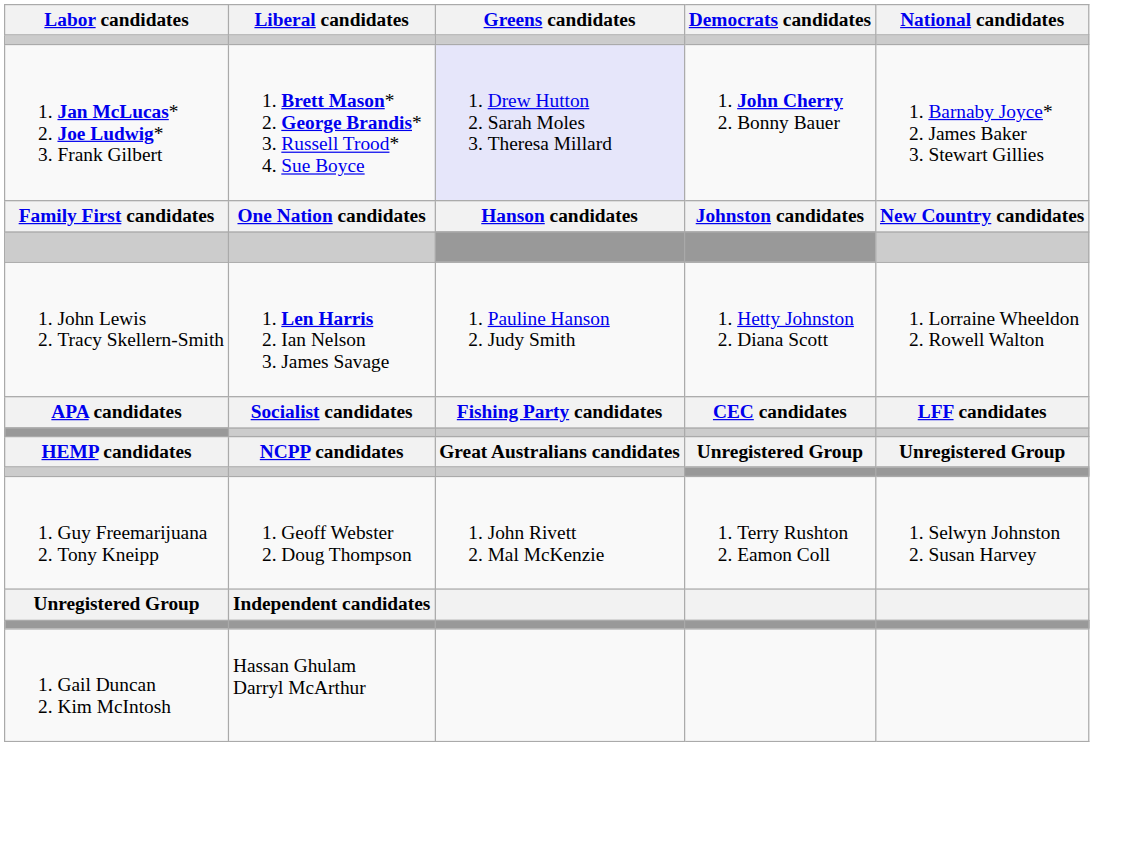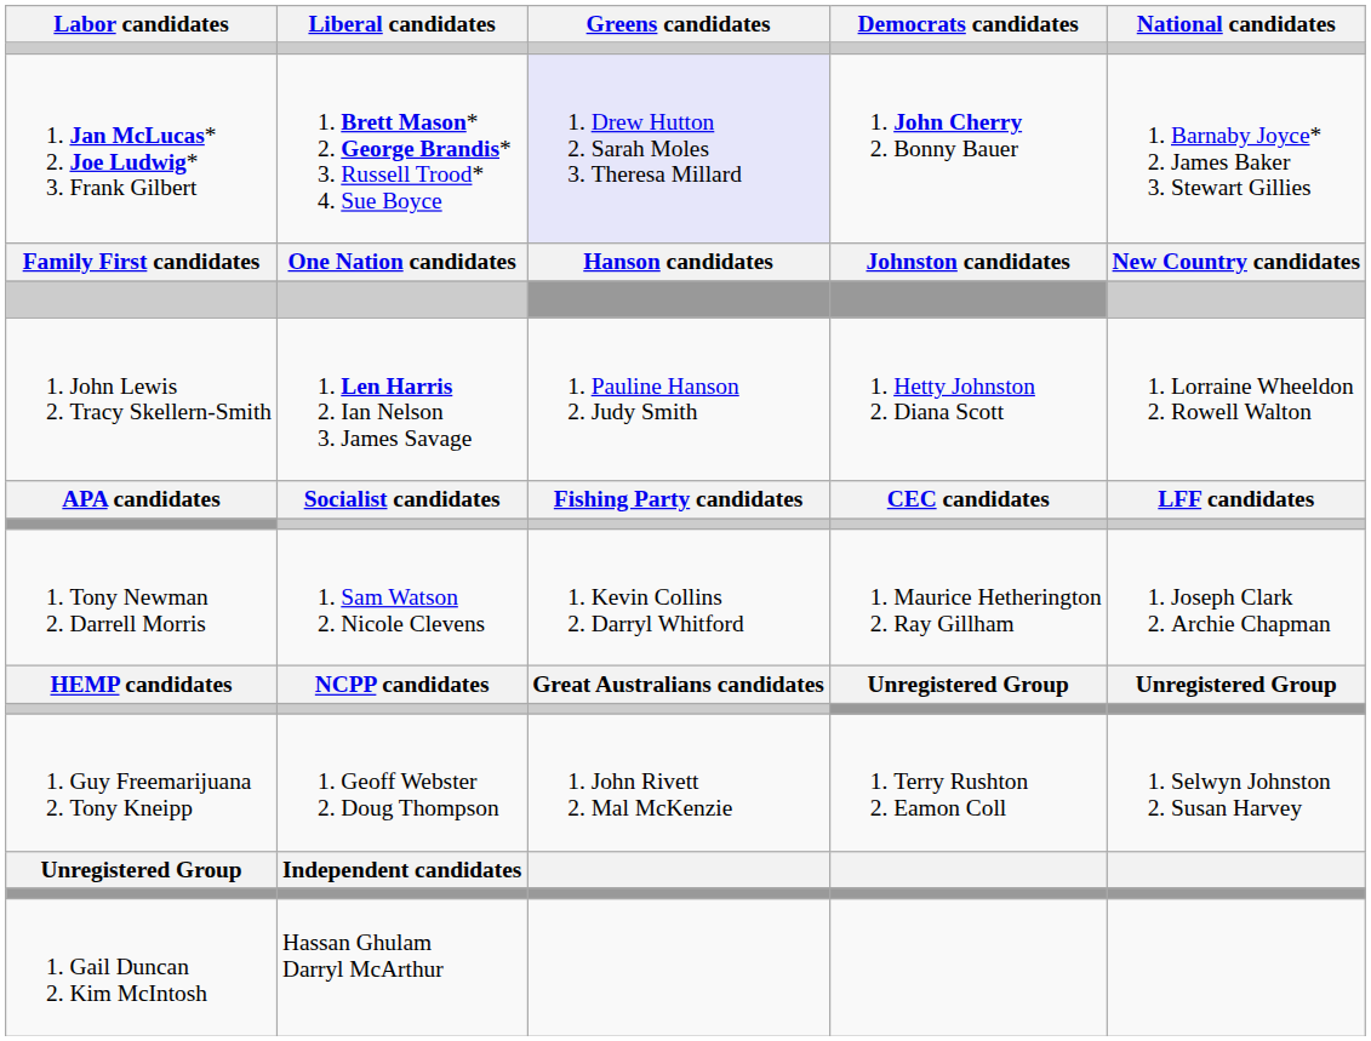 <table class="wikitable">
 <tr>
 <th><a href='#'>Labor</a> candidates</th>
 <th><a href='#'>Liberal</a> candidates</th>
 <th><a href='#'>Greens</a> candidates</th>
 <th><a href='#'>Democrats</a> candidates</th>
 <th><a href='#'>National</a> candidates</th>
 </tr>
 <tr style="background:#ccc;">
 <td></td>
 <td></td>
 <td></td>
 <td></td>
 <td></td>
 </tr>
 <tr>
 <td><br><ol><li><strong><a href='#'>Jan McLucas</a></strong>*</li><li><strong><a href='#'>Joe Ludwig</a></strong>*</li><li>Frank Gilbert</li></ol></td>
 <td><br><ol><li><strong><a href='#'>Brett Mason</a></strong>*</li><li><strong><a href='#'>George Brandis</a></strong>*</li><li><a href='#'>Russell Trood</a>*</li><li><a href='#'>Sue Boyce</a></li></ol></td>
 <td valign=top style="background: lavender;"><br><ol><li><a href='#'>Drew Hutton</a></li><li>Sarah Moles</li><li>Theresa Millard</li></ol></td>
 <td valign=top><br><ol><li><strong><a href='#'>John Cherry</a></strong></li><li>Bonny Bauer</li></ol></td>
 <td><br><ol><li><a href='#'>Barnaby Joyce</a>*</li><li>James Baker</li><li>Stewart Gillies</li></ol></td>
 </tr>
 <tr style="background:#ccc;">
 <th><a href='#'>Family First</a> candidates</th>
 <th><a href='#'>One Nation</a> candidates</th>
 <th><a href='#'>Hanson</a> candidates</th>
 <th><a href='#'>Johnston</a> candidates</th>
 <th><a href='#'>New Country</a> candidates</th>
 </tr>
 <tr style="background:#ccc;">
 <td></td>
 <td></td>
 <td style="background:#999;"></td>
 <td style="background:#999;"></td>
 <td> </td>
 </tr>
 <tr>
 <td valign=top><br><ol><li>John Lewis</li><li>Tracy Skellern-Smith</li></ol></td>
 <td valign=top><br><ol><li><strong><a href='#'>Len Harris</a></strong></li><li>Ian Nelson</li><li>James Savage</li></ol></td>
 <td valign=top><br><ol><li><a href='#'>Pauline Hanson</a></li><li>Judy Smith</li></ol></td>
 <td valign=top><br><ol><li><a href='#'>Hetty Johnston</a></li><li>Diana Scott</li></ol></td>
 <td valign=top><br><ol><li>Lorraine Wheeldon</li><li>Rowell Walton</li></ol></td>
 </tr>
 <tr style="background:#ccc;">
 <th><a href='#'>APA</a> candidates</th>
 <th><a href='#'>Socialist</a> candidates</th>
 <th><a href='#'>Fishing Party</a> candidates</th>
 <th><a href='#'>CEC</a> candidates</th>
 <th><a href='#'>LFF</a> candidates</th>
 </tr>
 <tr style="background:#ccc;">
 <td style="background:#999;"></td>
 <td></td>
 <td></td>
 <td></td>
 <td></td>
 </tr>
+<tr>
+<td valign=top><br><ol><li>Tony Newman</li><li>Darrell Morris</li></ol></td>
+<td valign=top><br><ol><li><a href='#'>Sam Watson</a></li><li>Nicole Clevens</li></ol></td>
+<td valign=top><br><ol><li>Kevin Collins</li><li>Darryl Whitford</li></ol></td>
+<td valign=top><br><ol><li>Maurice Hetherington</li><li>Ray Gillham</li></ol></td>
+<td valign=top><br><ol><li>Joseph Clark</li><li>Archie Chapman</li></ol></td>
+</tr>
 <tr style="background:#ccc;">
 <th><a href='#'>HEMP</a> candidates</th>
 <th><a href='#'>NCPP</a> candidates</th>
 <th>Great Australians candidates</th>
 <th>Unregistered Group</th>
 <th>Unregistered Group</th>
 </tr>
 <tr style="background:#ccc;">
 <td></td>
 <td></td>
 <td></td>
 <td style="background:#999;"></td>
 <td style="background:#999;"></td>
 </tr>
 <tr>
 <td valign=top><br><ol><li>Guy Freemarijuana</li><li>Tony Kneipp</li></ol></td>
 <td valign=top><br><ol><li>Geoff Webster</li><li>Doug Thompson</li></ol></td>
 <td valign=top><br><ol><li>John Rivett</li><li>Mal McKenzie</li></ol></td>
 <td valign=top><br><ol><li>Terry Rushton</li><li>Eamon Coll</li></ol></td>
 <td valign=top><br><ol><li>Selwyn Johnston</li><li>Susan Harvey</li></ol></td>
 </tr>
 <tr style="background:#ccc;">
 <th>Unregistered Group</th>
 <th>Independent candidates</th>
 <th></th>
 <th></th>
 <th></th>
 </tr>
 <tr style="background:#ccc; background:#999;">
 <td></td>
 <td style="background:#999;"></td>
 <td style="background:#999;"></td>
 <td style="background:#999;"></td>
 <td style="background:#999;"></td>
 </tr>
 <tr>
 <td valign=top><br><ol><li>Gail Duncan</li><li>Kim McIntosh</li></ol></td>
 <td valign=top><br>Hassan Ghulam<br> Darryl McArthur</td>
 <td valign=top></td>
 <td valign=top></td>
 <td valign=top></td>
 </tr>
 </table>
